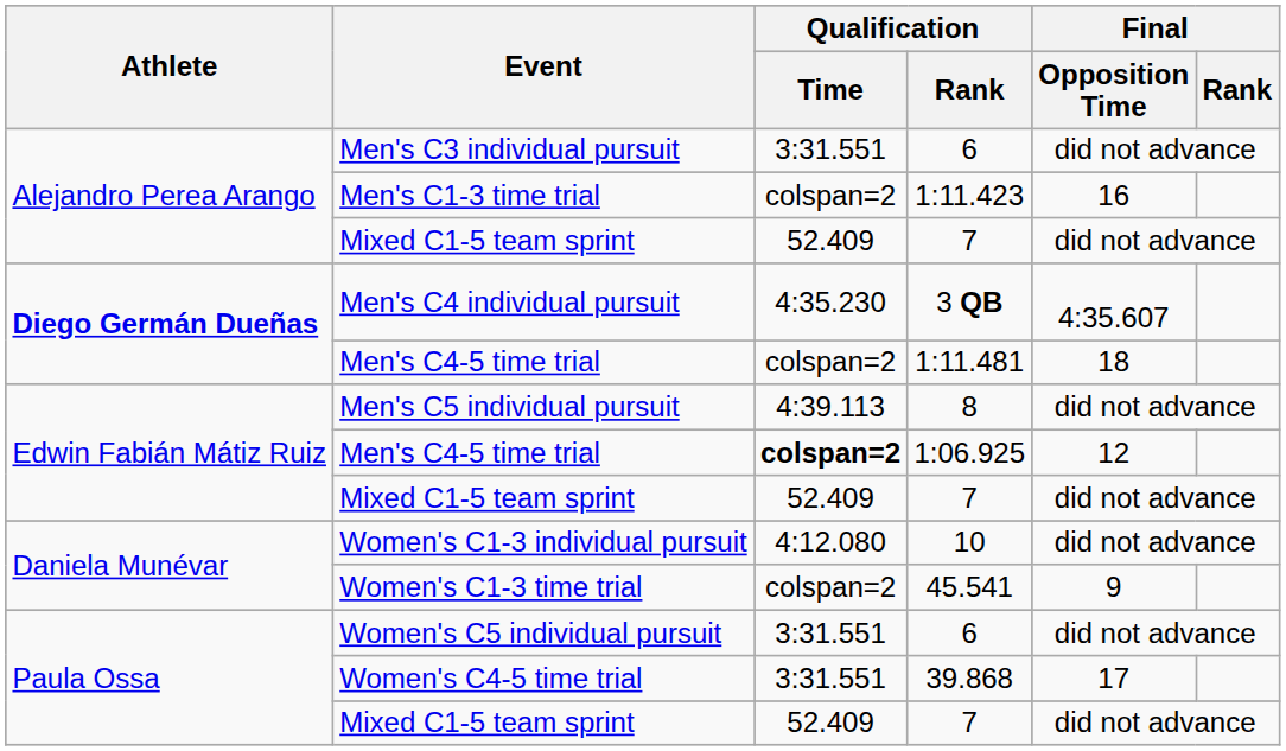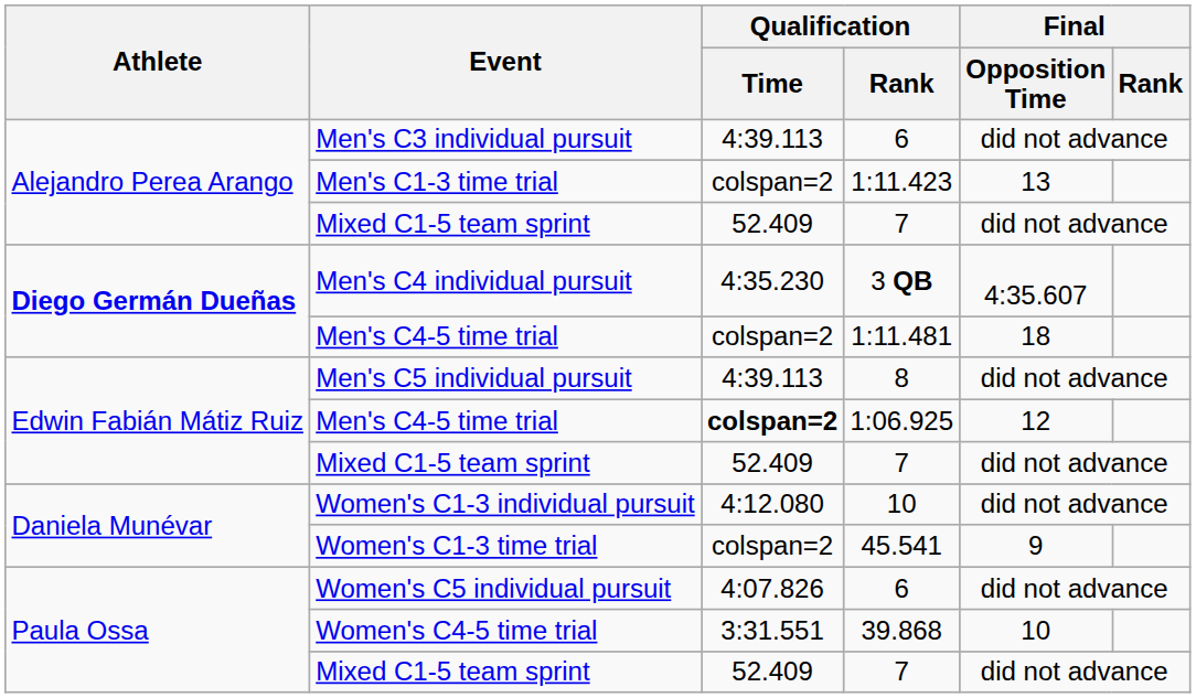 <table class=wikitable style="font-size:90%">
 <tr>
 <th rowspan="2">Athlete</th>
 <th rowspan="2">Event</th>
 <th colspan="2">Qualification</th>
 <th colspan="2">Final</th>
 </tr>
 <tr>
 <th>Time</th>
 <th>Rank</th>
 <th>Opposition<br>Time</th>
 <th>Rank</th>
 </tr>
 <tr align=center>
 <td rowspan=3 align=left><a href='#'>Alejandro Perea Arango</a></td>
 <td align=left><a href='#'>Men's C3 individual pursuit</a></td>
-<td>3:31.551</td>
+<td>4:39.113</td>
 <td>6</td>
 <td colspan=2>did not advance</td>
 </tr>
 <tr align=center>
 <td align=left><a href='#'>Men's C1-3 time trial</a></td>
 <td>colspan=2 </td>
 <td>1:11.423</td>
-<td>16</td>
+<td>13</td>
 </tr>
 <tr align=center>
 <td align=left><a href='#'>Mixed C1-5 team sprint</a></td>
 <td>52.409</td>
 <td>7</td>
 <td colspan=2>did not advance</td>
 </tr>
 <tr align=center>
 <td rowspan=2 align=left><strong><a href='#'>Diego Germán Dueñas</a></strong></td>
 <td align=left><a href='#'>Men's C4 individual pursuit</a></td>
 <td>4:35.230</td>
 <td>3 <strong>QB</strong></td>
 <td><br>4:35.607</td>
 <td></td>
 </tr>
 <tr align=center>
 <td align=left><a href='#'>Men's C4-5 time trial</a></td>
 <td>colspan=2 </td>
 <td>1:11.481</td>
 <td>18</td>
 </tr>
 <tr align=center>
 <td rowspan=3 align=left><a href='#'>Edwin Fabián Mátiz Ruiz</a></td>
 <td align=left><a href='#'>Men's C5 individual pursuit</a></td>
 <td>4:39.113</td>
 <td>8</td>
 <td colspan=2>did not advance</td>
 </tr>
 <tr align=center>
 <td align=left><a href='#'>Men's C4-5 time trial</a></td>
 <td><strong>colspan=2 </strong></td>
 <td>1:06.925</td>
 <td>12</td>
 </tr>
 <tr align=center>
 <td align=left><a href='#'>Mixed C1-5 team sprint</a></td>
 <td>52.409</td>
 <td>7</td>
 <td colspan=2>did not advance</td>
 </tr>
 <tr align=center>
 <td rowspan=2 align=left><a href='#'>Daniela Munévar</a></td>
 <td align=left><a href='#'>Women's C1-3 individual pursuit</a></td>
 <td>4:12.080</td>
 <td>10</td>
 <td colspan=2>did not advance</td>
 </tr>
 <tr align=center>
 <td align=left><a href='#'>Women's C1-3 time trial</a></td>
 <td>colspan=2 </td>
 <td>45.541</td>
 <td>9</td>
 </tr>
 <tr align=center>
 <td rowspan=3 align=left><a href='#'>Paula Ossa</a></td>
 <td align=left><a href='#'>Women's C5 individual pursuit</a></td>
-<td>3:31.551</td>
+<td>4:07.826</td>
 <td>6</td>
 <td colspan=2>did not advance</td>
 </tr>
 <tr align=center>
 <td align=left><a href='#'>Women's C4-5 time trial</a></td>
 <td>3:31.551</td>
 <td>39.868</td>
-<td>17</td>
+<td>10</td>
 </tr>
 <tr align=center>
 <td align=left><a href='#'>Mixed C1-5 team sprint</a></td>
 <td>52.409</td>
 <td>7</td>
 <td colspan=2>did not advance</td>
 </tr>
 </table>
